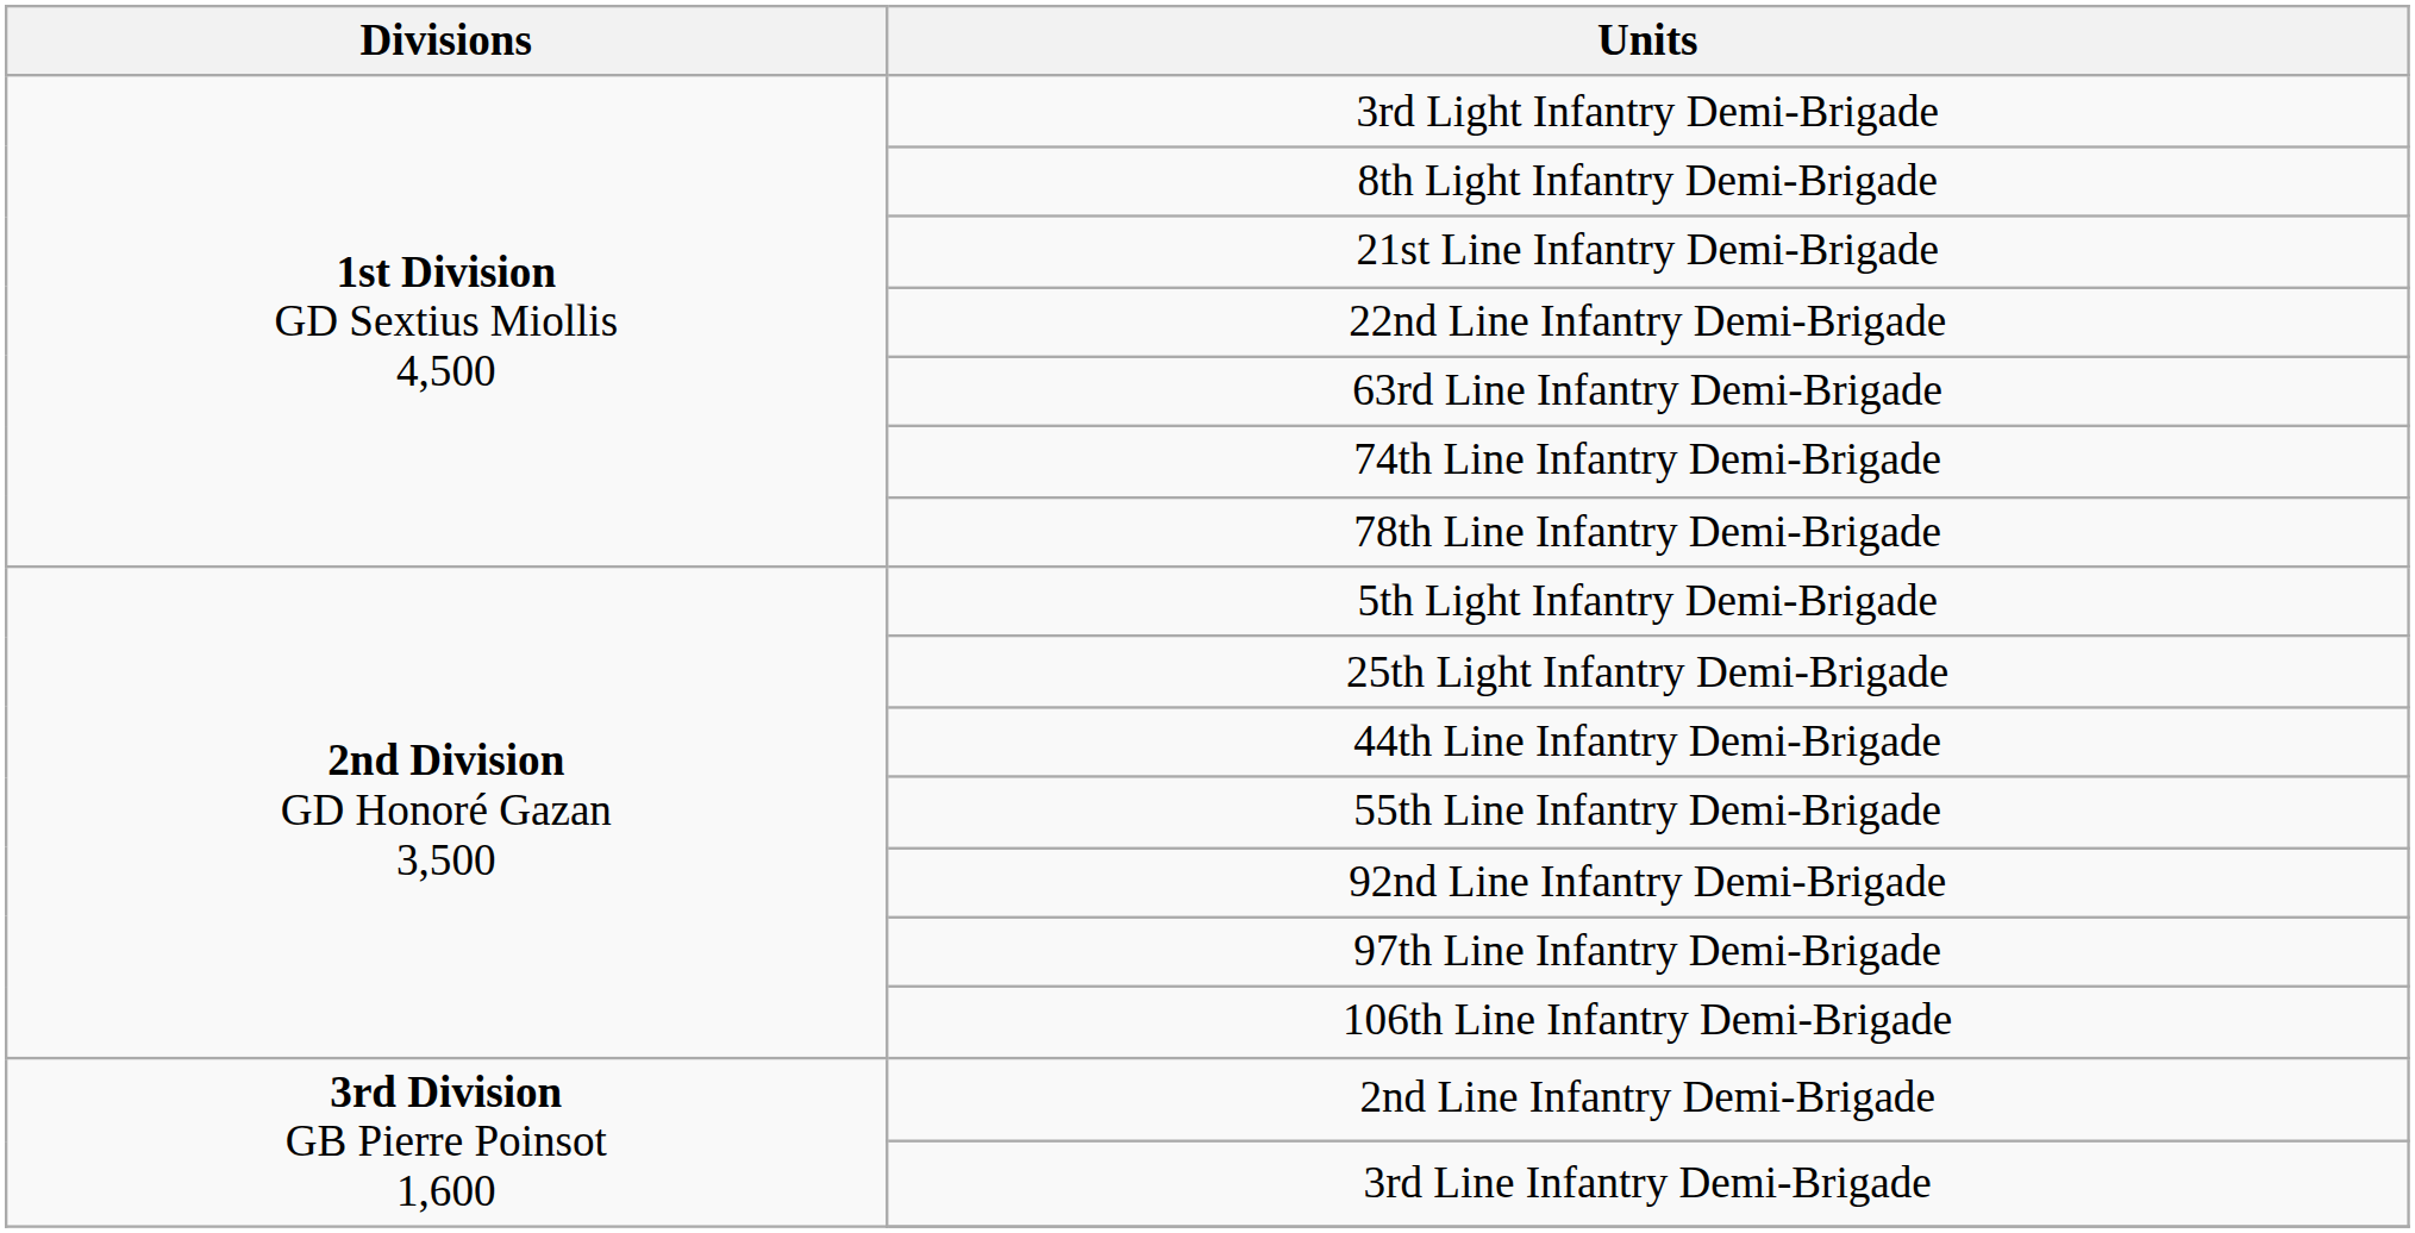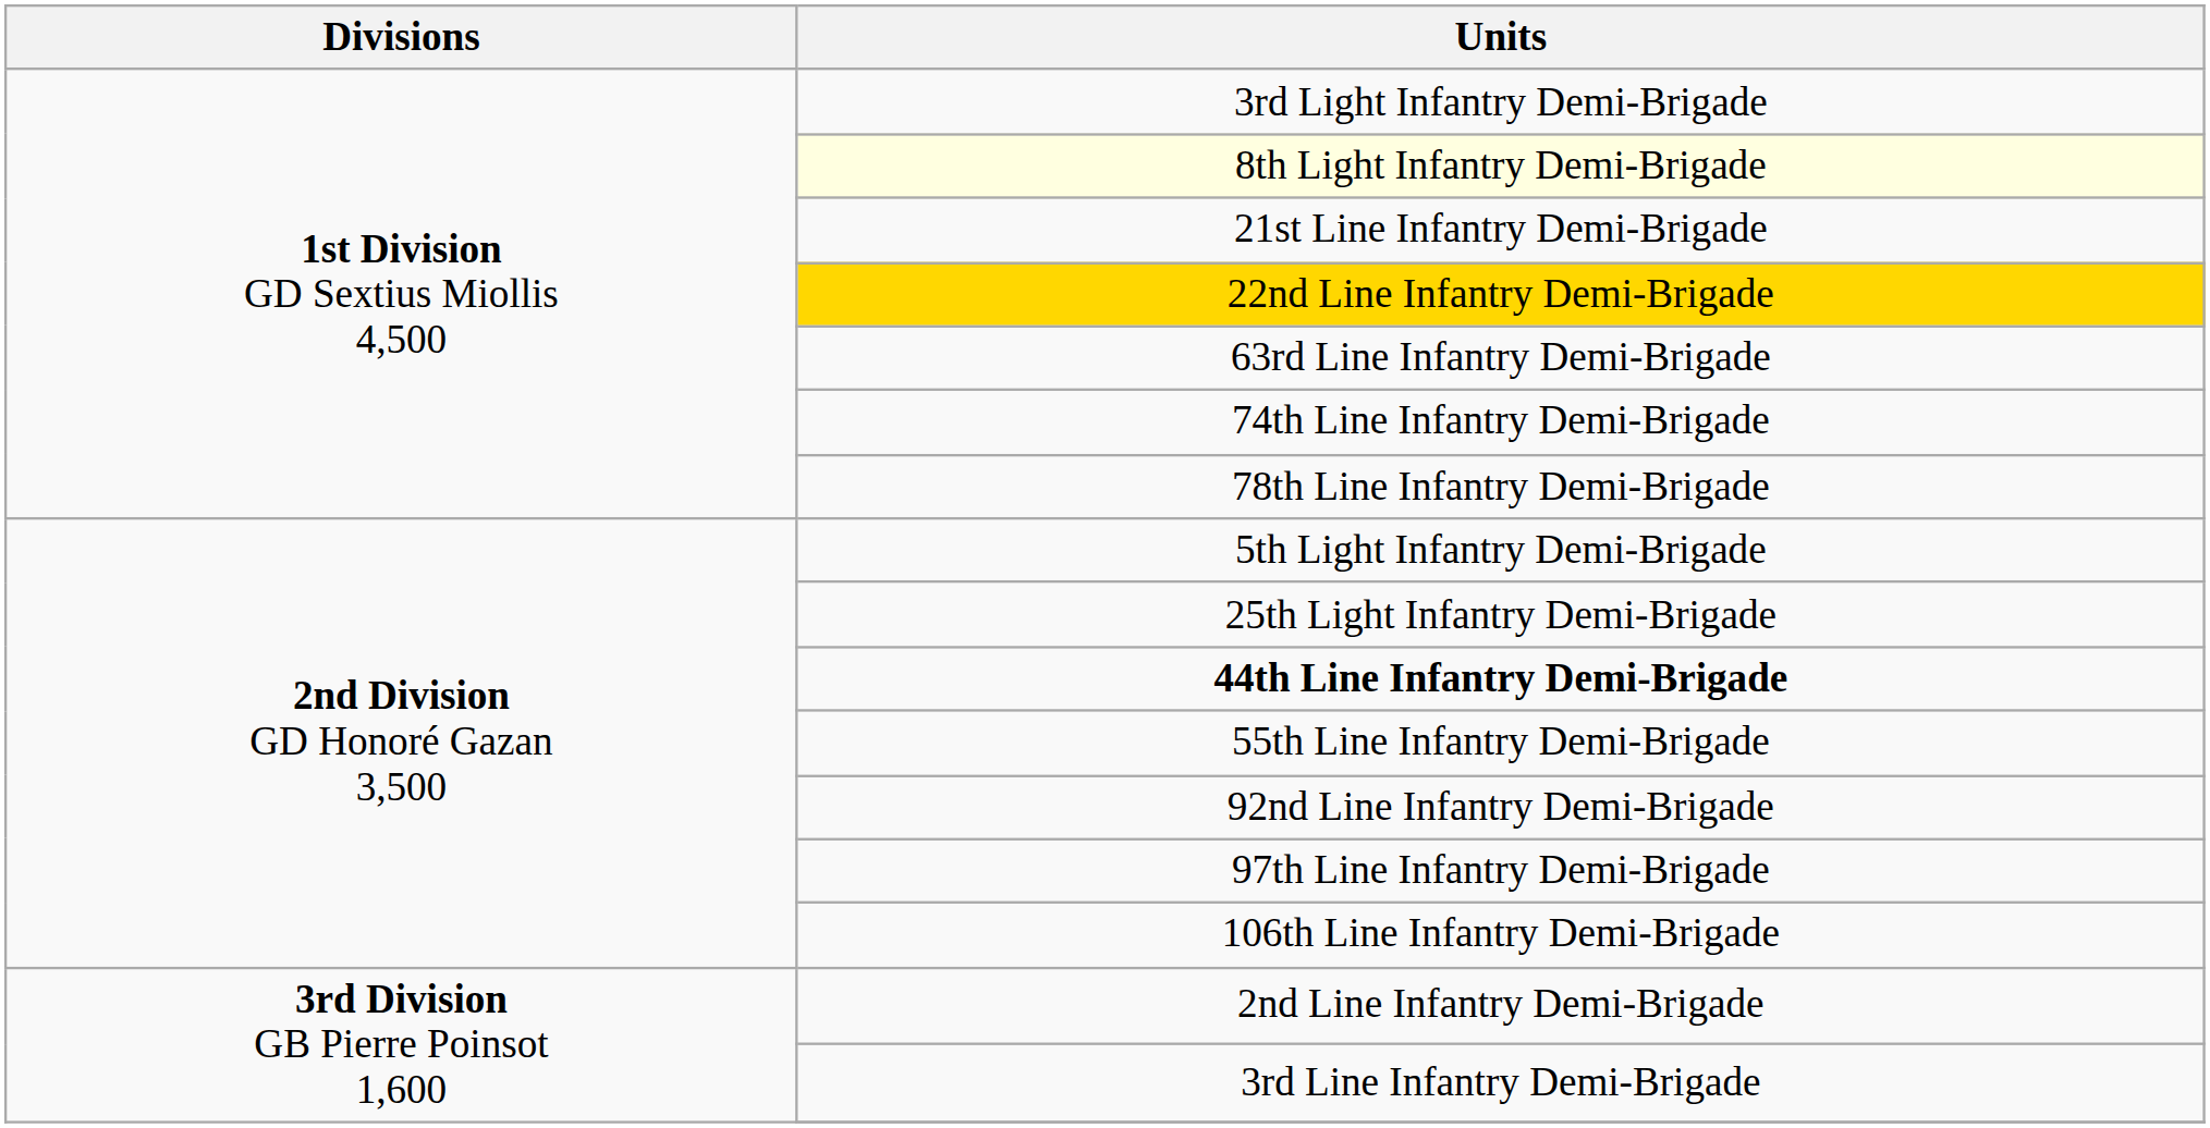 <table class="wikitable" style="text-align:center; width:55%;">
 <tr>
 <th>Divisions</th>
 <th>Units</th>
 </tr>
 <tr>
 <td rowspan=7><strong>1st Division</strong><br>GD Sextius Miollis<br>4,500</td>
 <td>3rd Light Infantry Demi-Brigade</td>
 </tr>
 <tr>
-<td>8th Light Infantry Demi-Brigade</td>
+<td style="background: lightyellow;">8th Light Infantry Demi-Brigade</td>
 </tr>
 <tr>
 <td>21st Line Infantry Demi-Brigade</td>
 </tr>
 <tr>
-<td>22nd Line Infantry Demi-Brigade</td>
+<td style="background: gold;">22nd Line Infantry Demi-Brigade</td>
 </tr>
 <tr>
 <td>63rd Line Infantry Demi-Brigade</td>
 </tr>
 <tr>
 <td>74th Line Infantry Demi-Brigade</td>
 </tr>
 <tr>
 <td>78th Line Infantry Demi-Brigade</td>
 </tr>
 <tr>
 <td rowspan=7><strong>2nd Division</strong><br>GD Honoré Gazan<br>3,500</td>
 <td>5th Light Infantry Demi-Brigade</td>
 </tr>
 <tr>
 <td>25th Light Infantry Demi-Brigade</td>
 </tr>
 <tr>
-<td>44th Line Infantry Demi-Brigade</td>
+<td><strong>44th Line Infantry Demi-Brigade</strong></td>
 </tr>
 <tr>
 <td>55th Line Infantry Demi-Brigade</td>
 </tr>
 <tr>
 <td>92nd Line Infantry Demi-Brigade</td>
 </tr>
 <tr>
 <td>97th Line Infantry Demi-Brigade</td>
 </tr>
 <tr>
 <td>106th Line Infantry Demi-Brigade</td>
 </tr>
 <tr>
 <td rowspan=3><strong>3rd Division</strong><br>GB Pierre Poinsot<br>1,600</td>
 <td>2nd Line Infantry Demi-Brigade</td>
 </tr>
 <tr>
 <td>3rd Line Infantry Demi-Brigade</td>
 </tr>
 <tr>
 </tr>
 </table>
